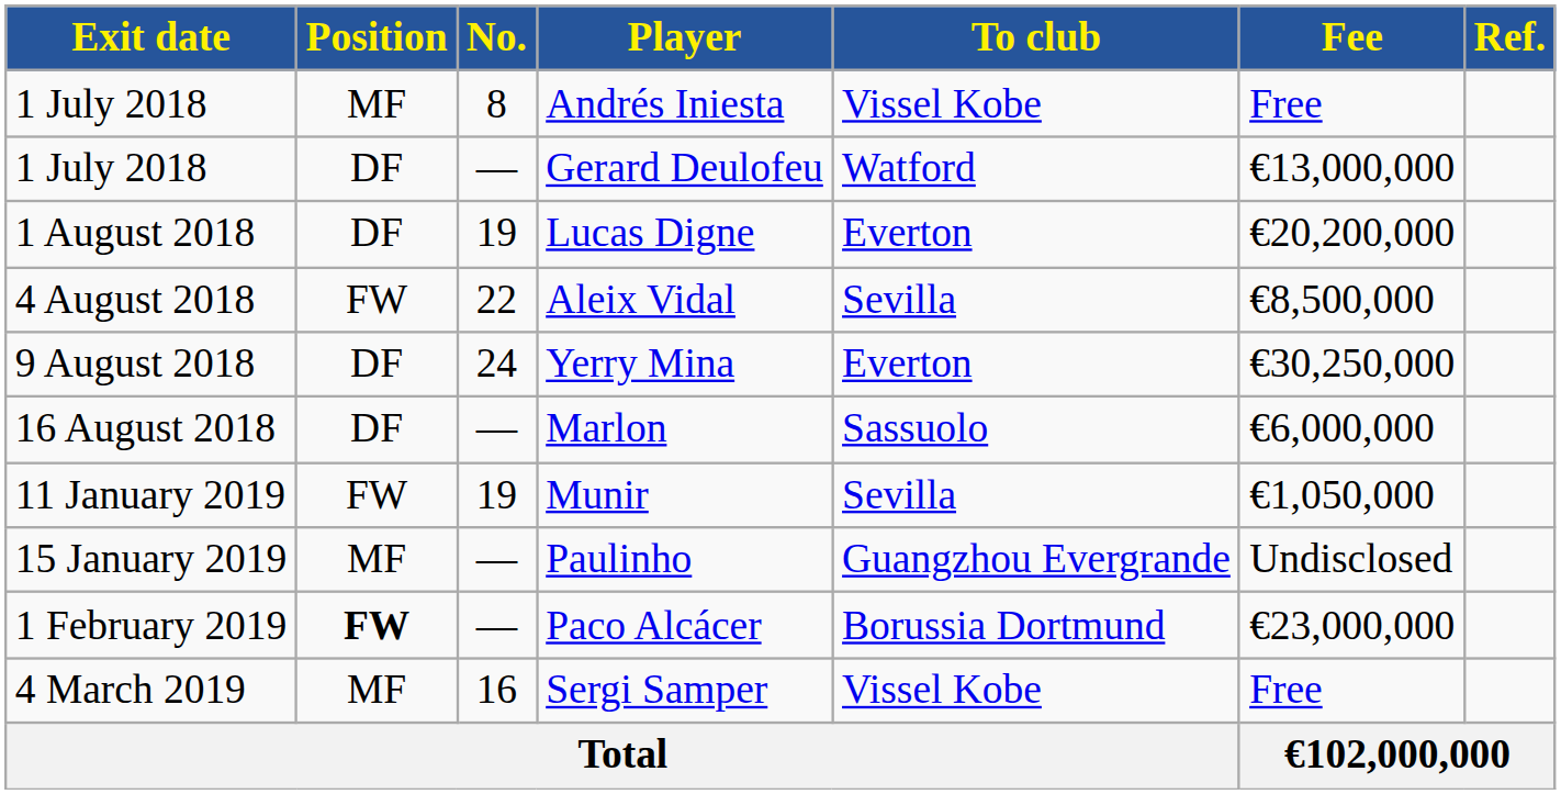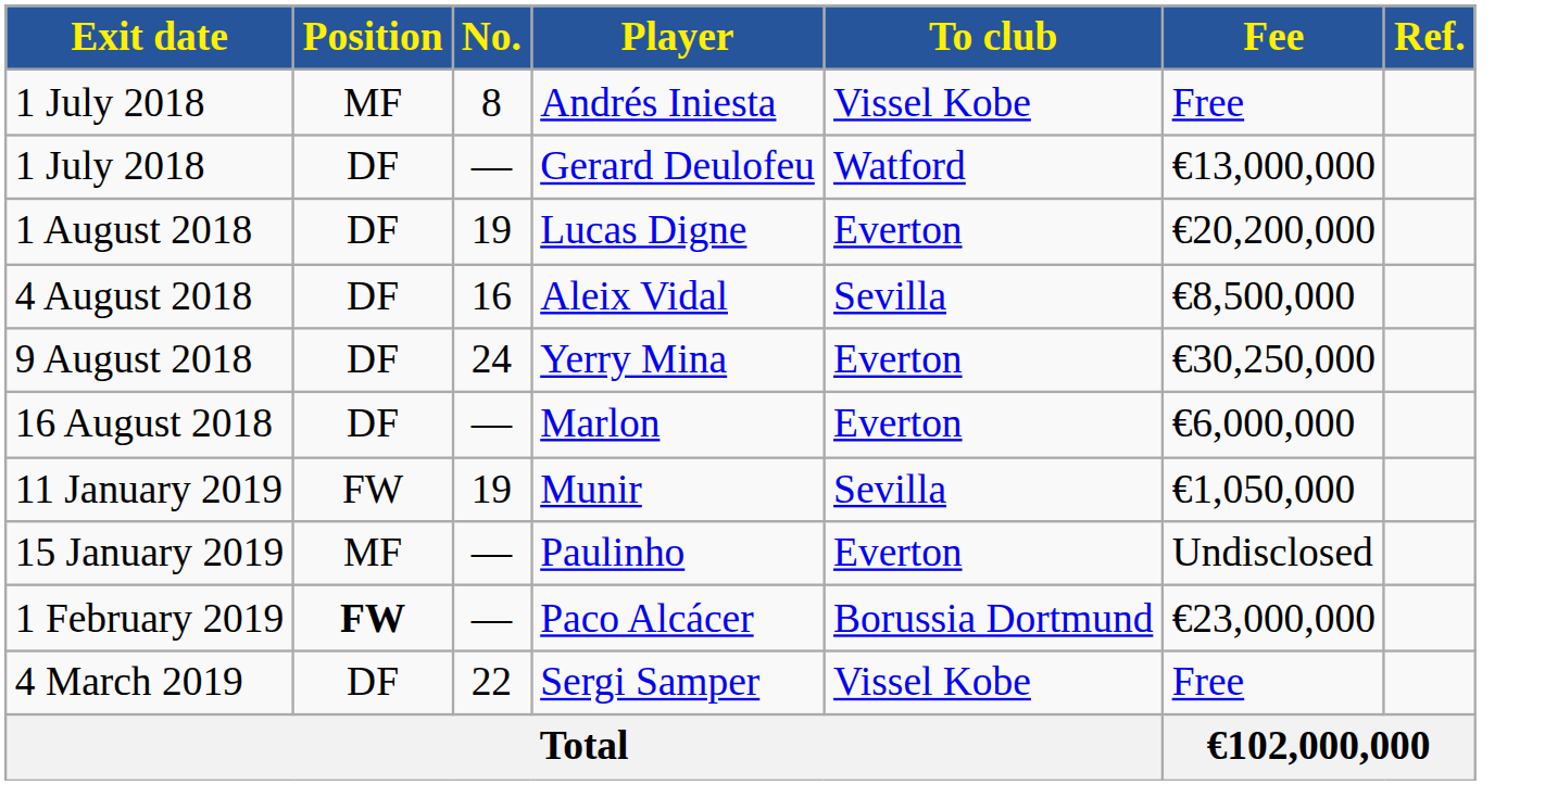 <table class="wikitable sortable">
 <tr>
 <th style="background:#26559B; color:#FFF000; ">Exit date</th>
 <th style="background:#26559B; color:#FFF000; ">Position</th>
 <th style="background:#26559B; color:#FFF000; ">No.</th>
 <th style="background:#26559B; color:#FFF000; ">Player</th>
 <th style="background:#26559B; color:#FFF000; ">To club</th>
 <th style="background:#26559B; color:#FFF000; ">Fee</th>
 <th style="background:#26559B; color:#FFF000; ">Ref.</th>
 </tr>
 <tr>
 <td>1 July 2018</td>
 <td style="text-align:center;">MF</td>
 <td style="text-align:center;">8</td>
 <td style="text-align:left;"> <a href='#'>Andrés Iniesta</a></td>
 <td style="text-align:left;"> <a href='#'>Vissel Kobe</a></td>
 <td><a href='#'>Free</a></td>
 <td></td>
 </tr>
 <tr>
 <td>1 July 2018</td>
 <td style="text-align:center;">DF</td>
 <td style="text-align:center;">—</td>
 <td style="text-align:left;"> <a href='#'>Gerard Deulofeu</a></td>
 <td style="text-align:left;"> <a href='#'>Watford</a></td>
 <td>€13,000,000</td>
 <td></td>
 </tr>
 <tr>
 <td>1 August 2018</td>
 <td style="text-align:center;">DF</td>
 <td style="text-align:center;">19</td>
 <td style="text-align:left;"> <a href='#'>Lucas Digne</a></td>
 <td style="text-align:left;"> <a href='#'>Everton</a></td>
 <td>€20,200,000</td>
 <td></td>
 </tr>
 <tr>
 <td>4 August 2018</td>
-<td style="text-align:center;">FW</td>
-<td style="text-align:center;">22</td>
+<td style="text-align:center;">DF</td>
+<td style="text-align:center;">16</td>
 <td style="text-align:left;"> <a href='#'>Aleix Vidal</a></td>
 <td style="text-align:left;"> <a href='#'>Sevilla</a></td>
 <td>€8,500,000</td>
 <td></td>
 </tr>
 <tr>
 <td>9 August 2018</td>
 <td style="text-align:center;">DF</td>
 <td style="text-align:center;">24</td>
 <td style="text-align:left;"> <a href='#'>Yerry Mina</a></td>
 <td style="text-align:left;"> <a href='#'>Everton</a></td>
 <td>€30,250,000</td>
 <td></td>
 </tr>
 <tr>
 <td>16 August 2018</td>
 <td style="text-align:center;">DF</td>
 <td style="text-align:center;">—</td>
 <td style="text-align:left;"> <a href='#'>Marlon</a></td>
-<td style="text-align:left;"> <a href='#'>Sassuolo</a></td>
+<td style="text-align:left;"> <a href='#'>Everton</a></td>
 <td>€6,000,000</td>
 <td></td>
 </tr>
 <tr>
 <td>11 January 2019</td>
 <td style="text-align:center;">FW</td>
 <td style="text-align:center;">19</td>
 <td style="text-align:left;"> <a href='#'>Munir</a></td>
 <td style="text-align:left;"> <a href='#'>Sevilla</a></td>
 <td>€1,050,000</td>
 <td></td>
 </tr>
 <tr>
 <td>15 January 2019</td>
 <td style="text-align:center;">MF</td>
 <td style="text-align:center;">—</td>
 <td style="text-align:left;"> <a href='#'>Paulinho</a></td>
-<td style="text-align:left;"> <a href='#'>Guangzhou Evergrande</a></td>
+<td style="text-align:left;"> <a href='#'>Everton</a></td>
 <td>Undisclosed</td>
 <td></td>
 </tr>
 <tr>
 <td>1 February 2019</td>
 <td style="text-align:center;"><strong>FW</strong></td>
 <td style="text-align:center;">—</td>
 <td style="text-align:left;"> <a href='#'>Paco Alcácer</a></td>
 <td style="text-align:left;"> <a href='#'>Borussia Dortmund</a></td>
 <td>€23,000,000</td>
 <td></td>
 </tr>
 <tr>
 <td>4 March 2019</td>
-<td style="text-align:center;">MF</td>
-<td style="text-align:center;">16</td>
+<td style="text-align:center;">DF</td>
+<td style="text-align:center;">22</td>
 <td style="text-align:left;"> <a href='#'>Sergi Samper</a></td>
 <td style="text-align:left;"> <a href='#'>Vissel Kobe</a></td>
 <td><a href='#'>Free</a></td>
 <td></td>
 </tr>
 <tr>
 <th colspan="5">Total</th>
 <th colspan="2">€102,000,000</th>
 </tr>
 </table>
